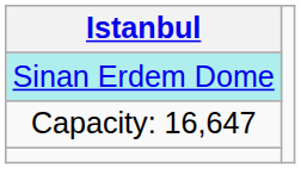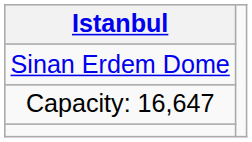 <table class="wikitable" style="text-align:center">
 <tr>
 <th><a href='#'>Istanbul</a></th>
 <td rowspan=4></td>
 </tr>
 <tr>
-<td style="background: paleturquoise;"><a href='#'>Sinan Erdem Dome</a></td>
+<td><a href='#'>Sinan Erdem Dome</a></td>
 </tr>
 <tr>
 <td>Capacity: 16,647</td>
 </tr>
 <tr>
 <td></td>
 </tr>
 </table>
